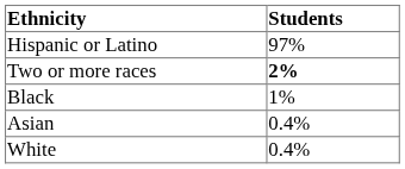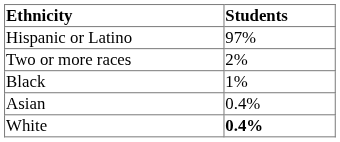 <table border = "1" style = "text-align: left; border-collapse: collapse; width:25%">
 <tr>
 <th>Ethnicity</th>
 <th>Students</th>
 </tr>
 <tr>
 <td>Hispanic or Latino</td>
 <td>97%</td>
 </tr>
 <tr>
 <td>Two or more races</td>
-<td><strong>2%</strong></td>
+<td>2%</td>
 </tr>
 <tr>
 <td>Black</td>
 <td>1%</td>
 </tr>
 <tr>
 <td>Asian</td>
 <td>0.4%</td>
 </tr>
 <tr>
 <td>White</td>
-<td>0.4%</td>
+<td><strong>0.4%</strong></td>
 </tr>
 </table>
